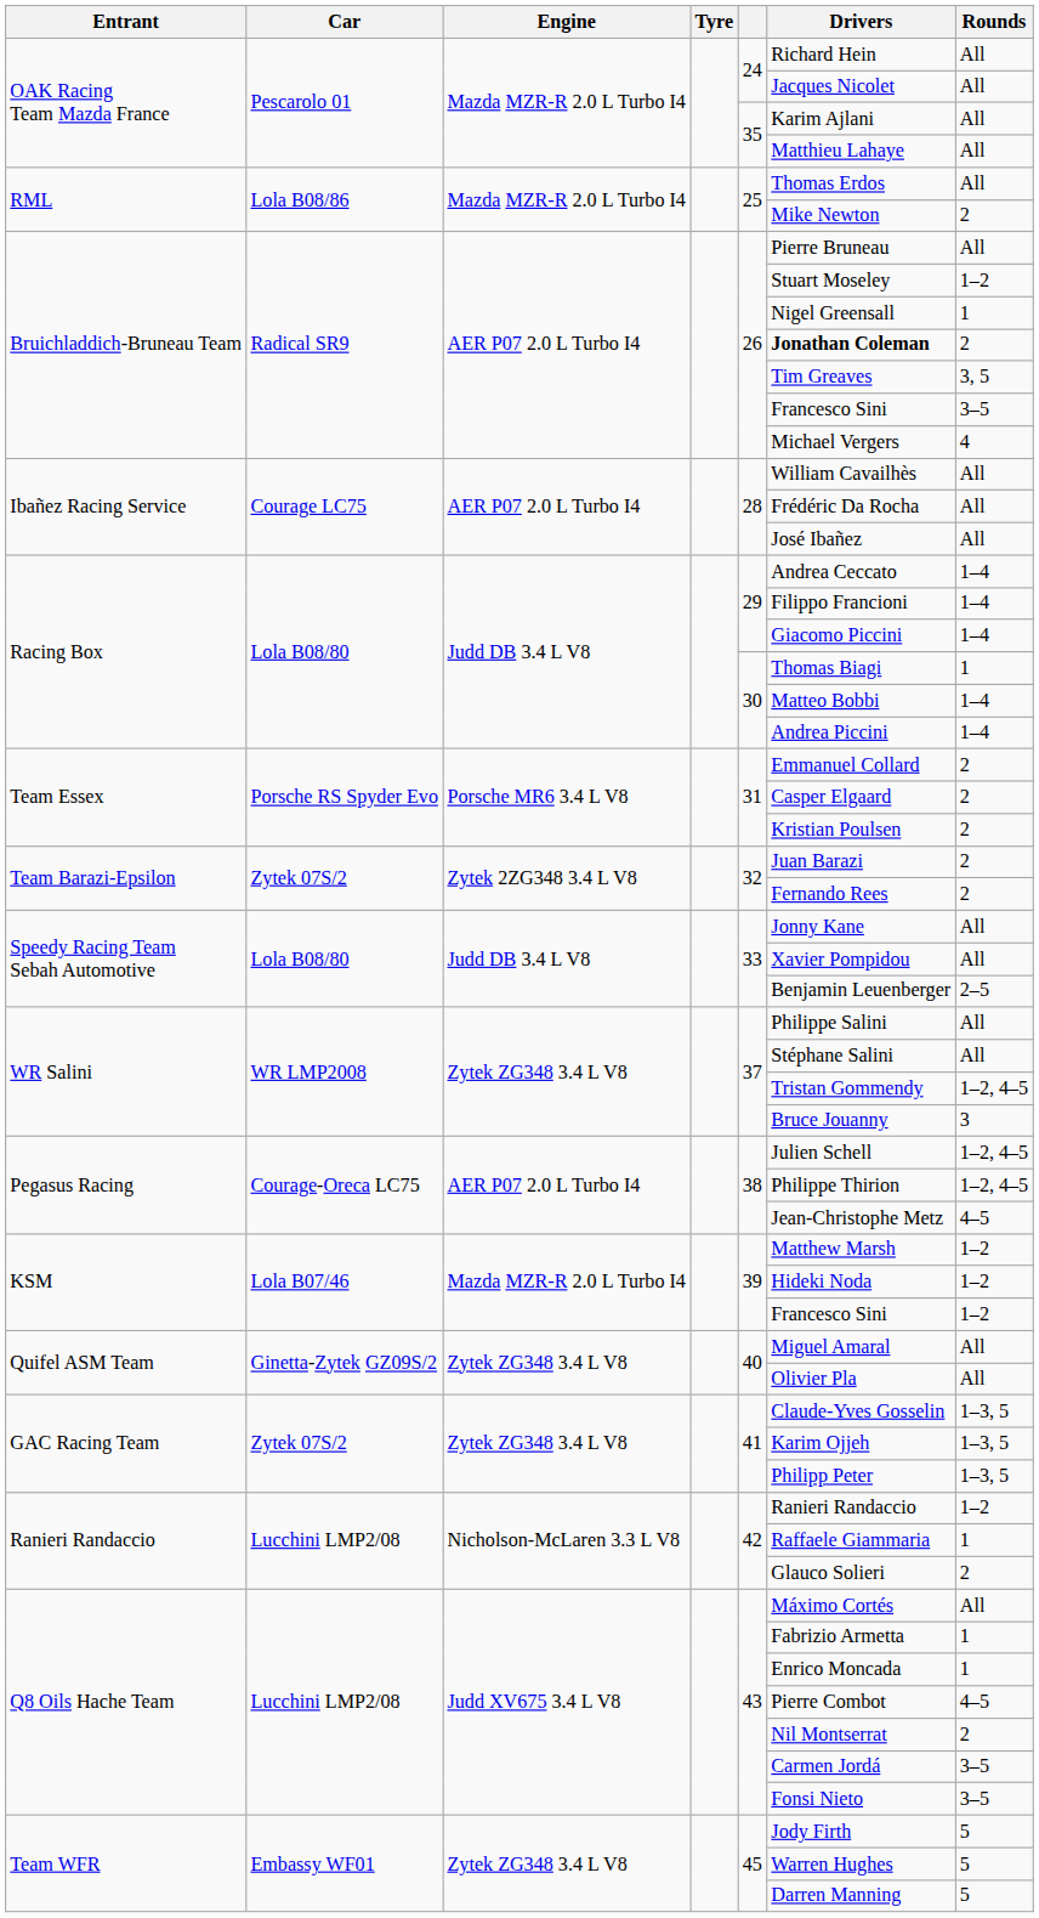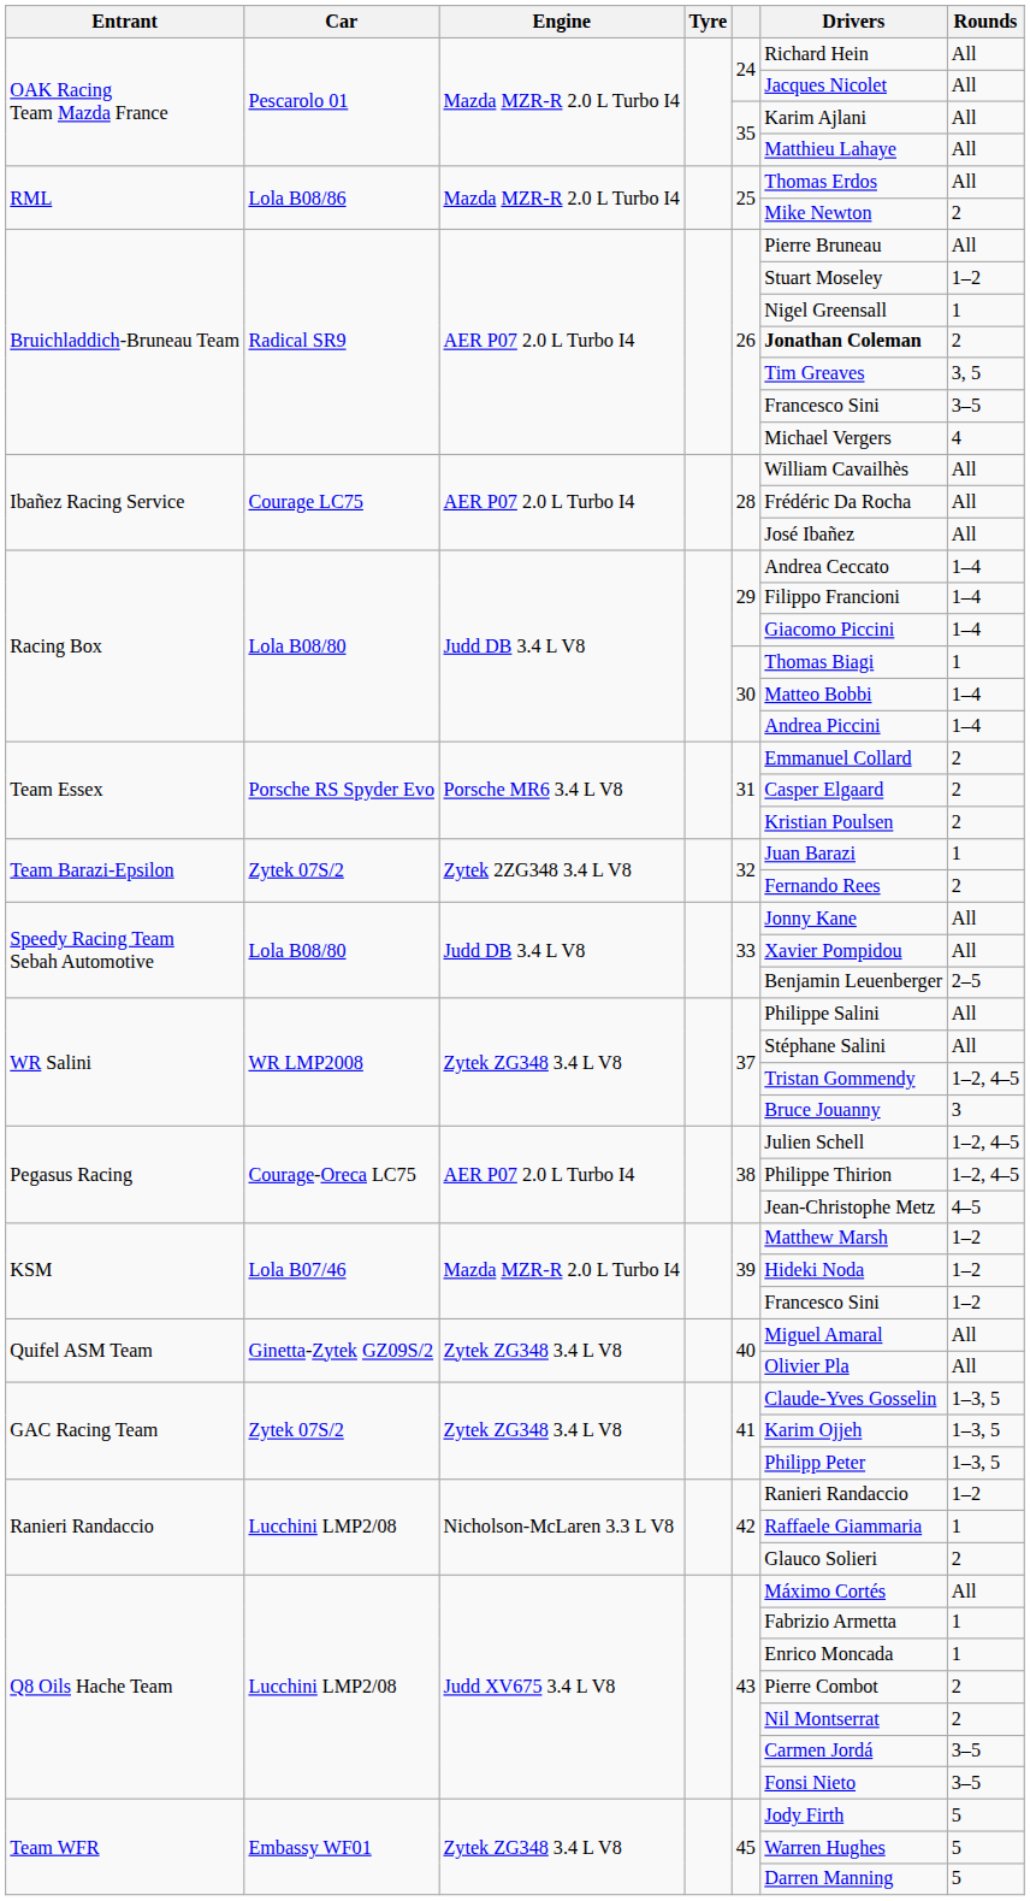 <table class="wikitable" style="font-size: 90%">
 <tr>
 <th>Entrant</th>
 <th>Car</th>
 <th>Engine</th>
 <th>Tyre</th>
 <th></th>
 <th>Drivers</th>
 <th>Rounds</th>
 </tr>
 <tr>
 <td rowspan=4> <a href='#'>OAK Racing</a><br> Team <a href='#'>Mazda</a> France</td>
 <td rowspan=4><a href='#'>Pescarolo 01</a></td>
 <td rowspan=4><a href='#'>Mazda</a> <a href='#'>MZR-R</a> 2.0 L Turbo I4</td>
 <td rowspan=4></td>
 <td rowspan=2>24</td>
 <td> Richard Hein</td>
 <td>All</td>
 </tr>
 <tr>
 <td> <a href='#'>Jacques Nicolet</a></td>
 <td>All</td>
 </tr>
 <tr>
 <td rowspan=2>35</td>
 <td> Karim Ajlani</td>
 <td>All</td>
 </tr>
 <tr>
 <td> <a href='#'>Matthieu Lahaye</a></td>
 <td>All</td>
 </tr>
 <tr>
 <td rowspan=2> <a href='#'>RML</a></td>
 <td rowspan=2><a href='#'>Lola B08/86</a></td>
 <td rowspan=2><a href='#'>Mazda</a> <a href='#'>MZR-R</a> 2.0 L Turbo I4</td>
 <td rowspan=2></td>
 <td rowspan=2>25</td>
 <td> <a href='#'>Thomas Erdos</a></td>
 <td>All</td>
 </tr>
 <tr>
 <td> <a href='#'>Mike Newton</a></td>
 <td>2</td>
 </tr>
 <tr>
 <td rowspan=7> <a href='#'>Bruichladdich</a>-Bruneau Team</td>
 <td rowspan=7><a href='#'>Radical SR9</a></td>
 <td rowspan=7><a href='#'>AER P07</a> 2.0 L Turbo I4</td>
 <td rowspan=7></td>
 <td rowspan=7>26</td>
 <td> Pierre Bruneau</td>
 <td>All</td>
 </tr>
 <tr>
 <td> Stuart Moseley</td>
 <td>1–2</td>
 </tr>
 <tr>
 <td> Nigel Greensall</td>
 <td>1</td>
 </tr>
 <tr>
 <td><strong> Jonathan Coleman</strong></td>
 <td>2</td>
 </tr>
 <tr>
 <td> <a href='#'>Tim Greaves</a></td>
 <td>3, 5</td>
 </tr>
 <tr>
 <td> Francesco Sini</td>
 <td>3–5</td>
 </tr>
 <tr>
 <td> Michael Vergers</td>
 <td>4</td>
 </tr>
 <tr>
 <td rowspan=3> Ibañez Racing Service</td>
 <td rowspan=3><a href='#'>Courage LC75</a></td>
 <td rowspan=3><a href='#'>AER P07</a> 2.0 L Turbo I4</td>
 <td rowspan=3></td>
 <td rowspan=3>28</td>
 <td> William Cavailhès</td>
 <td>All</td>
 </tr>
 <tr>
 <td> Frédéric Da Rocha</td>
 <td>All</td>
 </tr>
 <tr>
 <td> José Ibañez</td>
 <td>All</td>
 </tr>
 <tr>
 <td rowspan=6> Racing Box</td>
 <td rowspan=6><a href='#'>Lola B08/80</a></td>
 <td rowspan=6><a href='#'>Judd DB</a> 3.4 L V8</td>
 <td rowspan=6></td>
 <td rowspan=3>29</td>
 <td> Andrea Ceccato</td>
 <td>1–4</td>
 </tr>
 <tr>
 <td> Filippo Francioni</td>
 <td>1–4</td>
 </tr>
 <tr>
 <td> <a href='#'>Giacomo Piccini</a></td>
 <td>1–4</td>
 </tr>
 <tr>
 <td rowspan=3>30</td>
 <td> <a href='#'>Thomas Biagi</a></td>
 <td>1</td>
 </tr>
 <tr>
 <td> <a href='#'>Matteo Bobbi</a></td>
 <td>1–4</td>
 </tr>
 <tr>
 <td> <a href='#'>Andrea Piccini</a></td>
 <td>1–4</td>
 </tr>
 <tr>
 <td rowspan=3> Team Essex</td>
 <td rowspan=3><a href='#'>Porsche RS Spyder Evo</a></td>
 <td rowspan=3><a href='#'>Porsche MR6</a> 3.4 L V8</td>
 <td rowspan=3></td>
 <td rowspan=3>31</td>
 <td> <a href='#'>Emmanuel Collard</a></td>
 <td>2</td>
 </tr>
 <tr>
 <td> <a href='#'>Casper Elgaard</a></td>
 <td>2</td>
 </tr>
 <tr>
 <td> <a href='#'>Kristian Poulsen</a></td>
 <td>2</td>
 </tr>
 <tr>
 <td rowspan=2> <a href='#'>Team Barazi-Epsilon</a></td>
 <td rowspan=2><a href='#'>Zytek 07S/2</a></td>
 <td rowspan=2><a href='#'>Zytek</a> 2ZG348 3.4 L V8</td>
 <td rowspan=2></td>
 <td rowspan=2>32</td>
 <td> <a href='#'>Juan Barazi</a></td>
-<td>2</td>
+<td>1</td>
 </tr>
 <tr>
 <td> <a href='#'>Fernando Rees</a></td>
 <td>2</td>
 </tr>
 <tr>
 <td rowspan=3> <a href='#'>Speedy Racing Team</a><br> Sebah Automotive</td>
 <td rowspan=3><a href='#'>Lola B08/80</a></td>
 <td rowspan=3><a href='#'>Judd DB</a> 3.4 L V8</td>
 <td rowspan=3></td>
 <td rowspan=3>33</td>
 <td> <a href='#'>Jonny Kane</a></td>
 <td>All</td>
 </tr>
 <tr>
 <td> <a href='#'>Xavier Pompidou</a></td>
 <td>All</td>
 </tr>
 <tr>
 <td> Benjamin Leuenberger</td>
 <td>2–5</td>
 </tr>
 <tr>
 <td rowspan=4> <a href='#'>WR</a> Salini</td>
 <td rowspan=4><a href='#'>WR LMP2008</a></td>
 <td rowspan=4><a href='#'>Zytek ZG348</a> 3.4 L V8</td>
 <td rowspan=4></td>
 <td rowspan=4>37</td>
 <td> Philippe Salini</td>
 <td>All</td>
 </tr>
 <tr>
 <td> Stéphane Salini</td>
 <td>All</td>
 </tr>
 <tr>
 <td> <a href='#'>Tristan Gommendy</a></td>
 <td>1–2, 4–5</td>
 </tr>
 <tr>
 <td> <a href='#'>Bruce Jouanny</a></td>
 <td>3</td>
 </tr>
 <tr>
 <td rowspan=3> Pegasus Racing</td>
 <td rowspan=3><a href='#'>Courage</a>-<a href='#'>Oreca</a> LC75</td>
 <td rowspan=3><a href='#'>AER P07</a> 2.0 L Turbo I4</td>
 <td rowspan=3></td>
 <td rowspan=3>38</td>
 <td> Julien Schell</td>
 <td>1–2, 4–5</td>
 </tr>
 <tr>
 <td> Philippe Thirion</td>
 <td>1–2, 4–5</td>
 </tr>
 <tr>
 <td> Jean-Christophe Metz</td>
 <td>4–5</td>
 </tr>
 <tr>
 <td rowspan=3> KSM</td>
 <td rowspan=3><a href='#'>Lola B07/46</a></td>
 <td rowspan=3><a href='#'>Mazda</a> <a href='#'>MZR-R</a> 2.0 L Turbo I4</td>
 <td rowspan=3></td>
 <td rowspan=3>39</td>
 <td> <a href='#'>Matthew Marsh</a></td>
 <td>1–2</td>
 </tr>
 <tr>
 <td> <a href='#'>Hideki Noda</a></td>
 <td>1–2</td>
 </tr>
 <tr>
 <td> Francesco Sini</td>
 <td>1–2</td>
 </tr>
 <tr>
 <td rowspan=2> Quifel ASM Team</td>
 <td rowspan=2><a href='#'>Ginetta</a>-<a href='#'>Zytek</a> <a href='#'>GZ09S/2</a></td>
 <td rowspan=2><a href='#'>Zytek ZG348</a> 3.4 L V8</td>
 <td rowspan=2></td>
 <td rowspan=2>40</td>
 <td> <a href='#'>Miguel Amaral</a></td>
 <td>All</td>
 </tr>
 <tr>
 <td> <a href='#'>Olivier Pla</a></td>
 <td>All</td>
 </tr>
 <tr>
 <td rowspan=3> GAC Racing Team</td>
 <td rowspan=3><a href='#'>Zytek 07S/2</a></td>
 <td rowspan=3><a href='#'>Zytek ZG348</a> 3.4 L V8</td>
 <td rowspan=3></td>
 <td rowspan=3>41</td>
 <td> <a href='#'>Claude-Yves Gosselin</a></td>
 <td>1–3, 5</td>
 </tr>
 <tr>
 <td> <a href='#'>Karim Ojjeh</a></td>
 <td>1–3, 5</td>
 </tr>
 <tr>
 <td> <a href='#'>Philipp Peter</a></td>
 <td>1–3, 5</td>
 </tr>
 <tr>
 <td rowspan=3> Ranieri Randaccio</td>
 <td rowspan=3><a href='#'>Lucchini</a> LMP2/08</td>
 <td rowspan=3>Nicholson-McLaren 3.3 L V8</td>
 <td rowspan=3></td>
 <td rowspan=3>42</td>
 <td> Ranieri Randaccio</td>
 <td>1–2</td>
 </tr>
 <tr>
 <td> <a href='#'>Raffaele Giammaria</a></td>
 <td>1</td>
 </tr>
 <tr>
 <td> Glauco Solieri</td>
 <td>2</td>
 </tr>
 <tr>
 <td rowspan=7> <a href='#'>Q8 Oils</a> Hache Team</td>
 <td rowspan=7><a href='#'>Lucchini</a> LMP2/08</td>
 <td rowspan=7><a href='#'>Judd XV675</a> 3.4 L V8</td>
 <td rowspan=7></td>
 <td rowspan=7>43</td>
 <td> <a href='#'>Máximo Cortés</a></td>
 <td>All</td>
 </tr>
 <tr>
 <td> Fabrizio Armetta</td>
 <td>1</td>
 </tr>
 <tr>
 <td> Enrico Moncada</td>
 <td>1</td>
 </tr>
 <tr>
 <td> Pierre Combot</td>
-<td>4–5</td>
+<td>2</td>
 </tr>
 <tr>
 <td> <a href='#'>Nil Montserrat</a></td>
 <td>2</td>
 </tr>
 <tr>
 <td> <a href='#'>Carmen Jordá</a></td>
 <td>3–5</td>
 </tr>
 <tr>
 <td> <a href='#'>Fonsi Nieto</a></td>
 <td>3–5</td>
 </tr>
 <tr>
 <td rowspan=3> <a href='#'>Team WFR</a></td>
 <td rowspan=3><a href='#'>Embassy WF01</a></td>
 <td rowspan=3><a href='#'>Zytek ZG348</a> 3.4 L V8</td>
 <td rowspan=3></td>
 <td rowspan=3>45</td>
 <td> <a href='#'>Jody Firth</a></td>
 <td>5</td>
 </tr>
 <tr>
 <td> <a href='#'>Warren Hughes</a></td>
 <td>5</td>
 </tr>
 <tr>
 <td> <a href='#'>Darren Manning</a></td>
 <td>5</td>
 </tr>
 </table>
